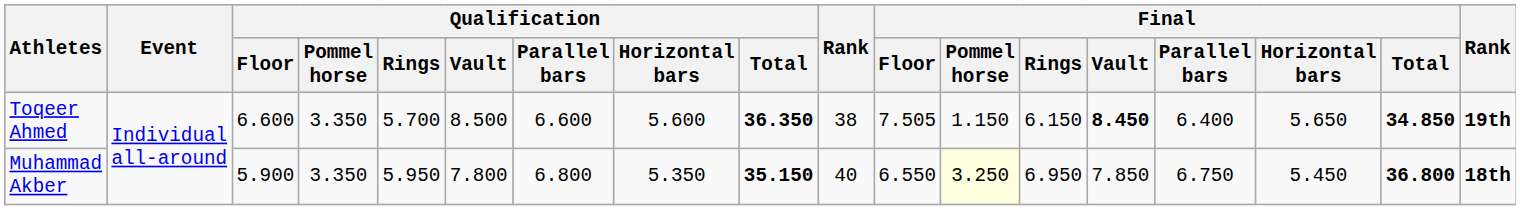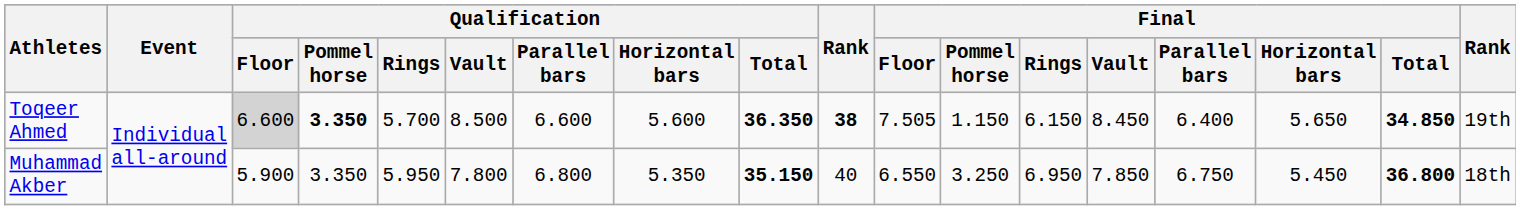 <table class=wikitable style="text-align:center; font-size:90%">
 <tr>
 <th rowspan=2>Athletes</th>
 <th rowspan=2>Event</th>
 <th colspan=7>Qualification</th>
 <th rowspan=2>Rank</th>
 <th colspan=7>Final</th>
 <th rowspan=2>Rank</th>
 </tr>
 <tr>
 <th>Floor</th>
 <th>Pommel horse</th>
 <th>Rings</th>
 <th>Vault</th>
 <th>Parallel bars</th>
 <th>Horizontal bars</th>
 <th>Total</th>
 <th>Floor</th>
 <th>Pommel horse</th>
 <th>Rings</th>
 <th>Vault</th>
 <th>Parallel bars</th>
 <th>Horizontal bars</th>
 <th>Total</th>
 </tr>
 <tr>
 <td style="text-align:left"><a href='#'>Toqeer Ahmed</a></td>
 <td rowspan="2"><a href='#'>Individual all-around</a></td>
-<td>6.600</td>
-<td>3.350</td>
+<td style="background: lightgrey;">6.600</td>
+<td><strong>3.350</strong></td>
 <td>5.700</td>
 <td>8.500</td>
 <td>6.600</td>
 <td>5.600</td>
 <td><strong>36.350</strong></td>
-<td>38</td>
+<td><strong>38</strong></td>
 <td>7.505</td>
 <td>1.150</td>
 <td>6.150</td>
-<td><strong>8.450</strong></td>
+<td>8.450</td>
 <td>6.400</td>
 <td>5.650</td>
 <td><strong>34.850</strong></td>
-<td><strong>19th</strong></td>
+<td>19th</td>
 </tr>
 <tr>
 <td style="text-align:left"><a href='#'>Muhammad Akber</a></td>
 <td>5.900</td>
 <td>3.350</td>
 <td>5.950</td>
 <td>7.800</td>
 <td>6.800</td>
 <td>5.350</td>
 <td><strong>35.150</strong></td>
 <td>40</td>
 <td>6.550</td>
-<td style="background: lightyellow;">3.250</td>
+<td>3.250</td>
 <td>6.950</td>
 <td>7.850</td>
 <td>6.750</td>
 <td>5.450</td>
 <td><strong>36.800</strong></td>
-<td><strong>18th</strong></td>
+<td>18th</td>
 </tr>
 </table>
